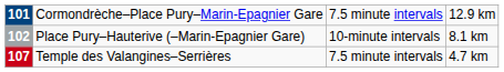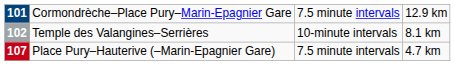 <table class="wikitable">
 <tr>
 <th style="color: white; background-color: #00437D">101</th>
 <td>Cormondrèche–Place Pury–<a href='#'>Marin-Epagnier</a> Gare</td>
 <td>7.5 minute <a href='#'>intervals</a></td>
 <td>12.9 km</td>
 </tr>
 <tr>
 <th style="color: white; background-color: #9DA4A7">102</th>
-<td>Place Pury–Hauterive (–Marin-Epagnier Gare)</td>
+<td>Temple des Valangines–Serrières</td>
 <td>10-minute intervals</td>
 <td>8.1 km</td>
 </tr>
 <tr>
 <th style="color: white; background-color: #CA0018">107</th>
-<td>Temple des Valangines–Serrières</td>
+<td>Place Pury–Hauterive (–Marin-Epagnier Gare)</td>
 <td>7.5 minute intervals</td>
 <td>4.7 km</td>
 </tr>
 </table>
